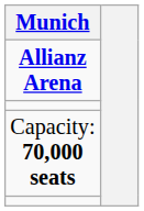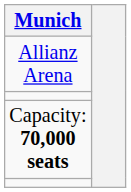 <table class="wikitable" style="text-align:center">
 <tr>
 <th width="20px"><a href='#'>Munich</a></th>
 <th width="20px" rowspan=5></th>
 </tr>
 <tr>
-<td><strong><a href='#'>Allianz Arena</a></strong></td>
+<td><a href='#'>Allianz Arena</a></td>
 </tr>
 <tr>
 <td></td>
 </tr>
 <tr>
 <td>Capacity: <strong>70,000 seats</strong></td>
 </tr>
 <tr>
 <td></td>
 </tr>
 </table>
